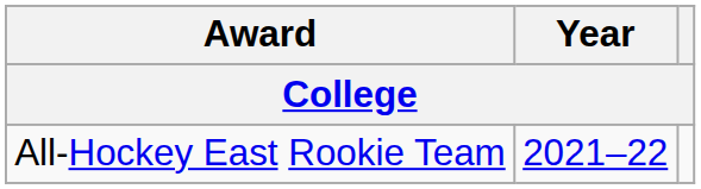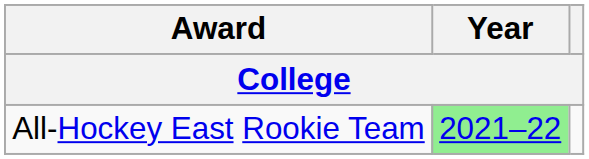 <table class="wikitable">
 <tr>
 <th>Award</th>
 <th>Year</th>
 <th></th>
 </tr>
 <tr>
 <th colspan="3"><a href='#'>College</a></th>
 </tr>
 <tr>
 <td>All-<a href='#'>Hockey East</a> <a href='#'>Rookie Team</a></td>
-<td><a href='#'>2021–22</a></td>
+<td style="background: lightgreen;"><a href='#'>2021–22</a></td>
 </tr>
 </table>
